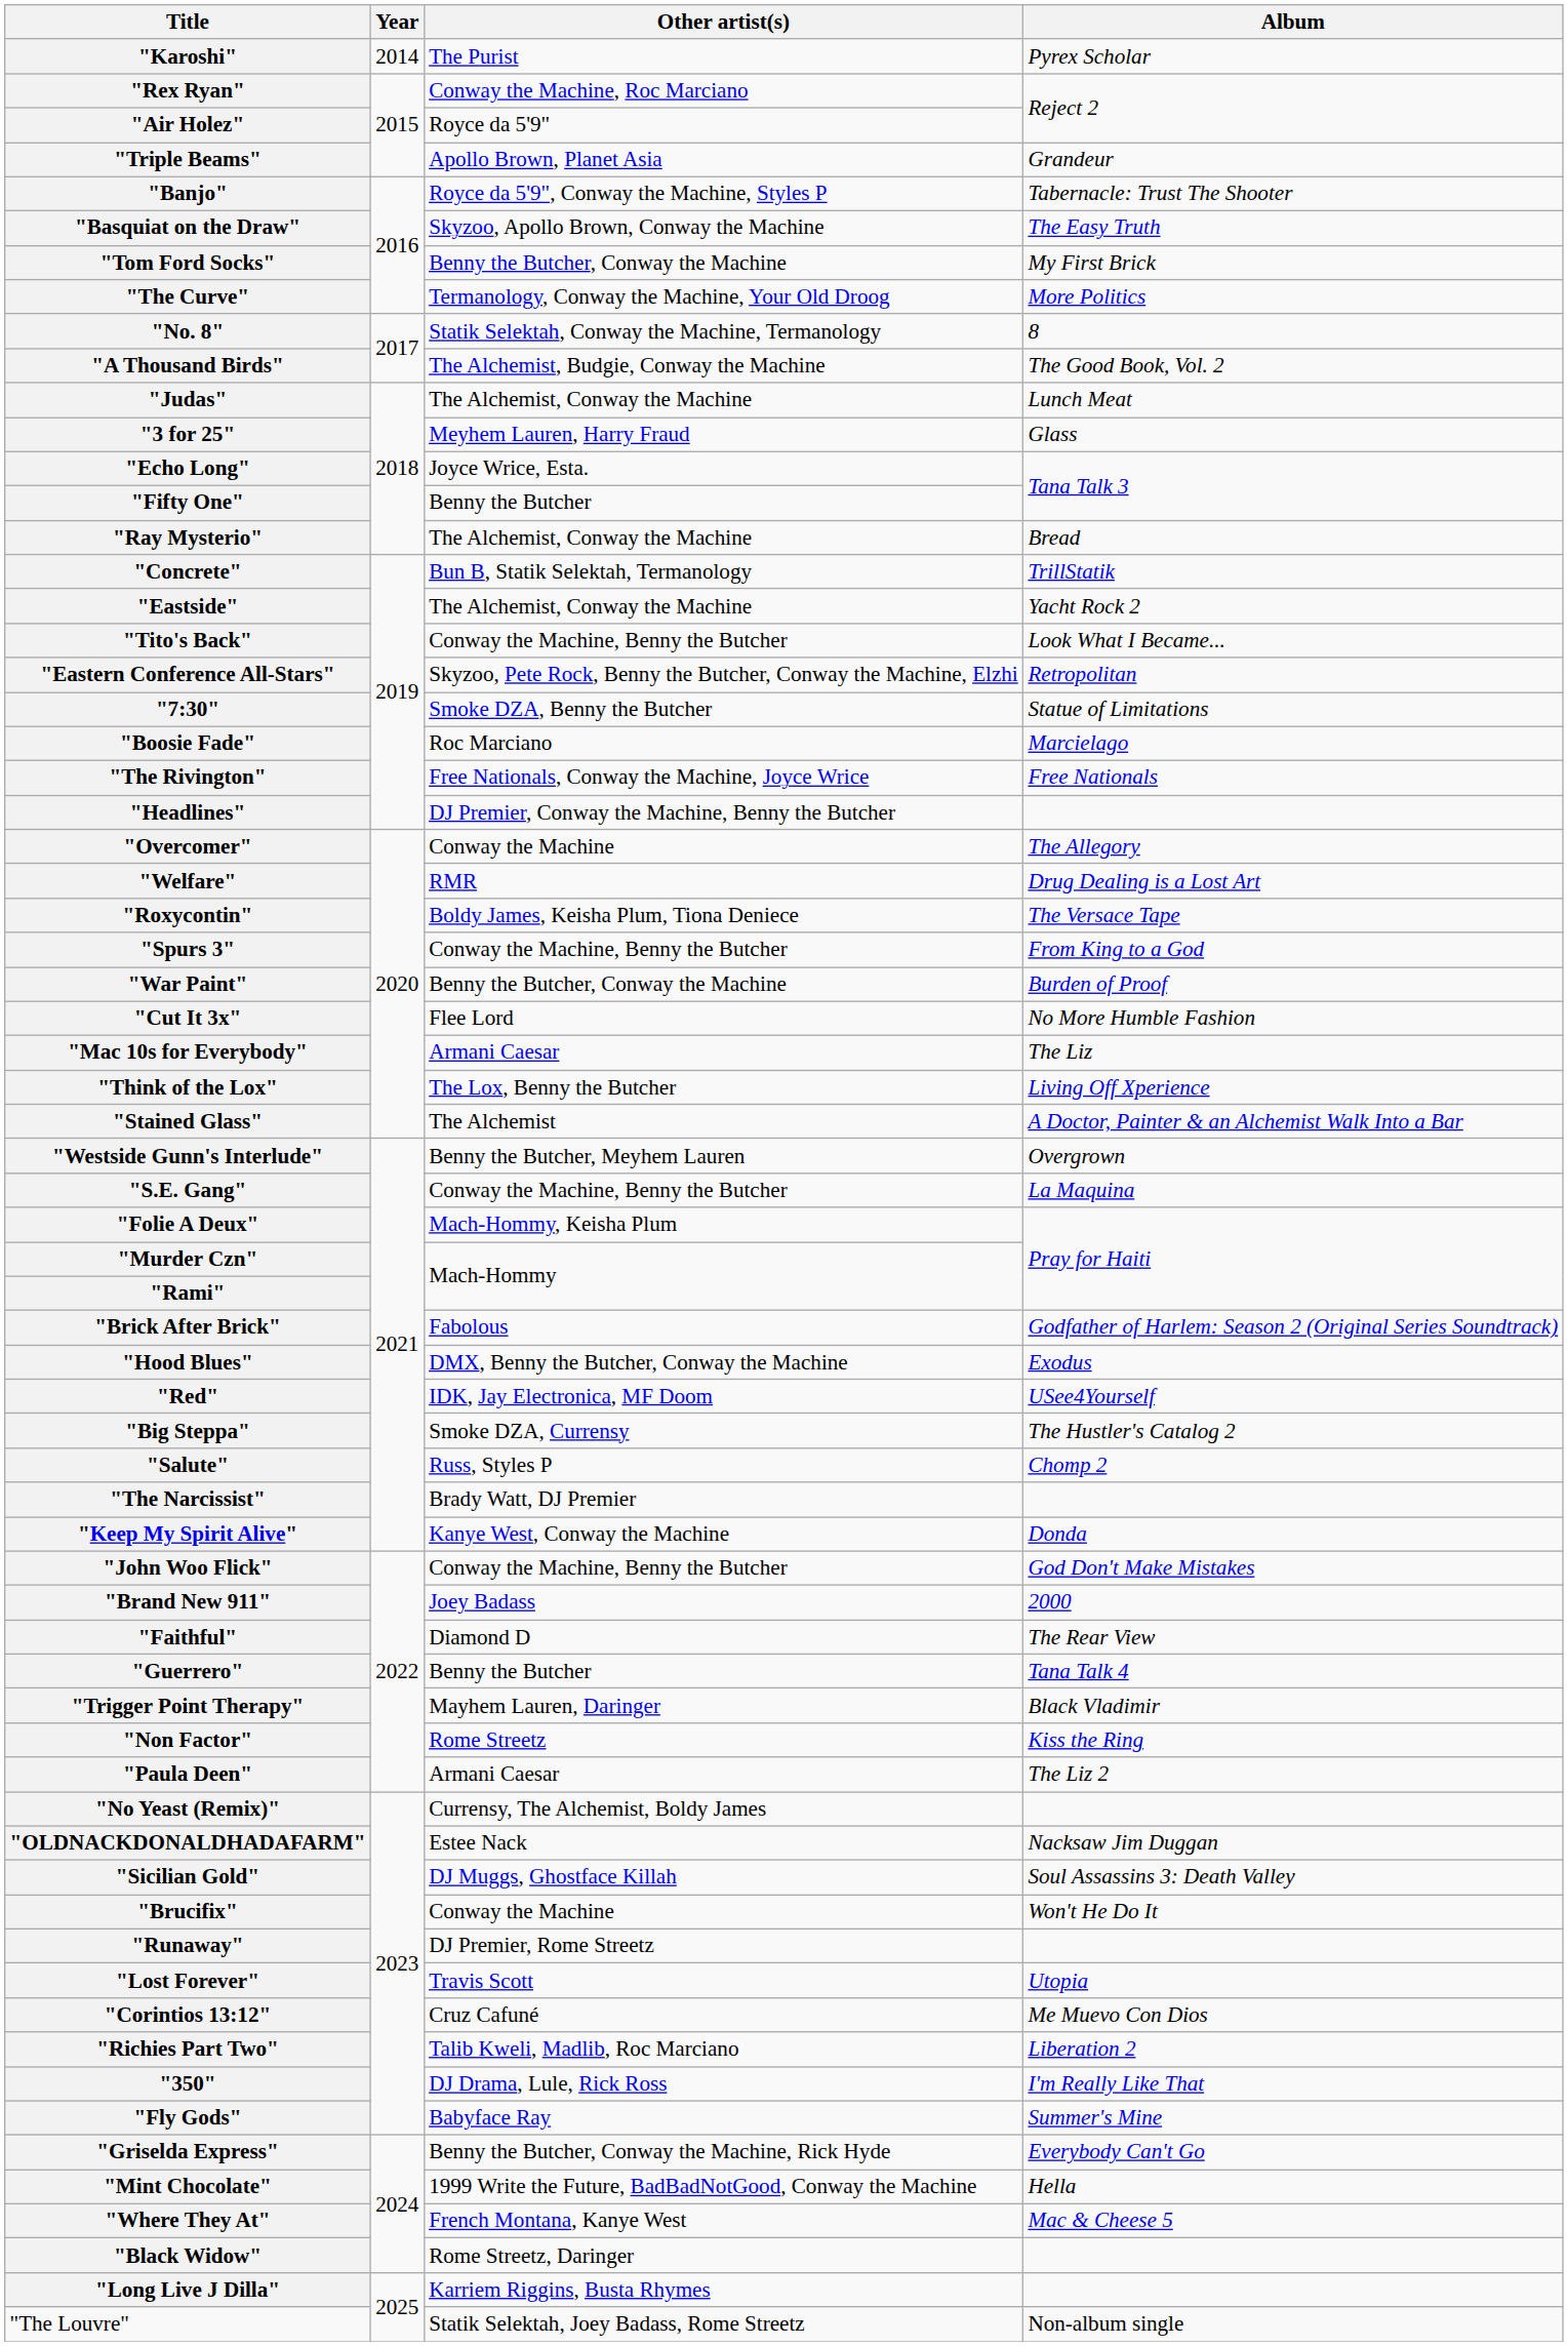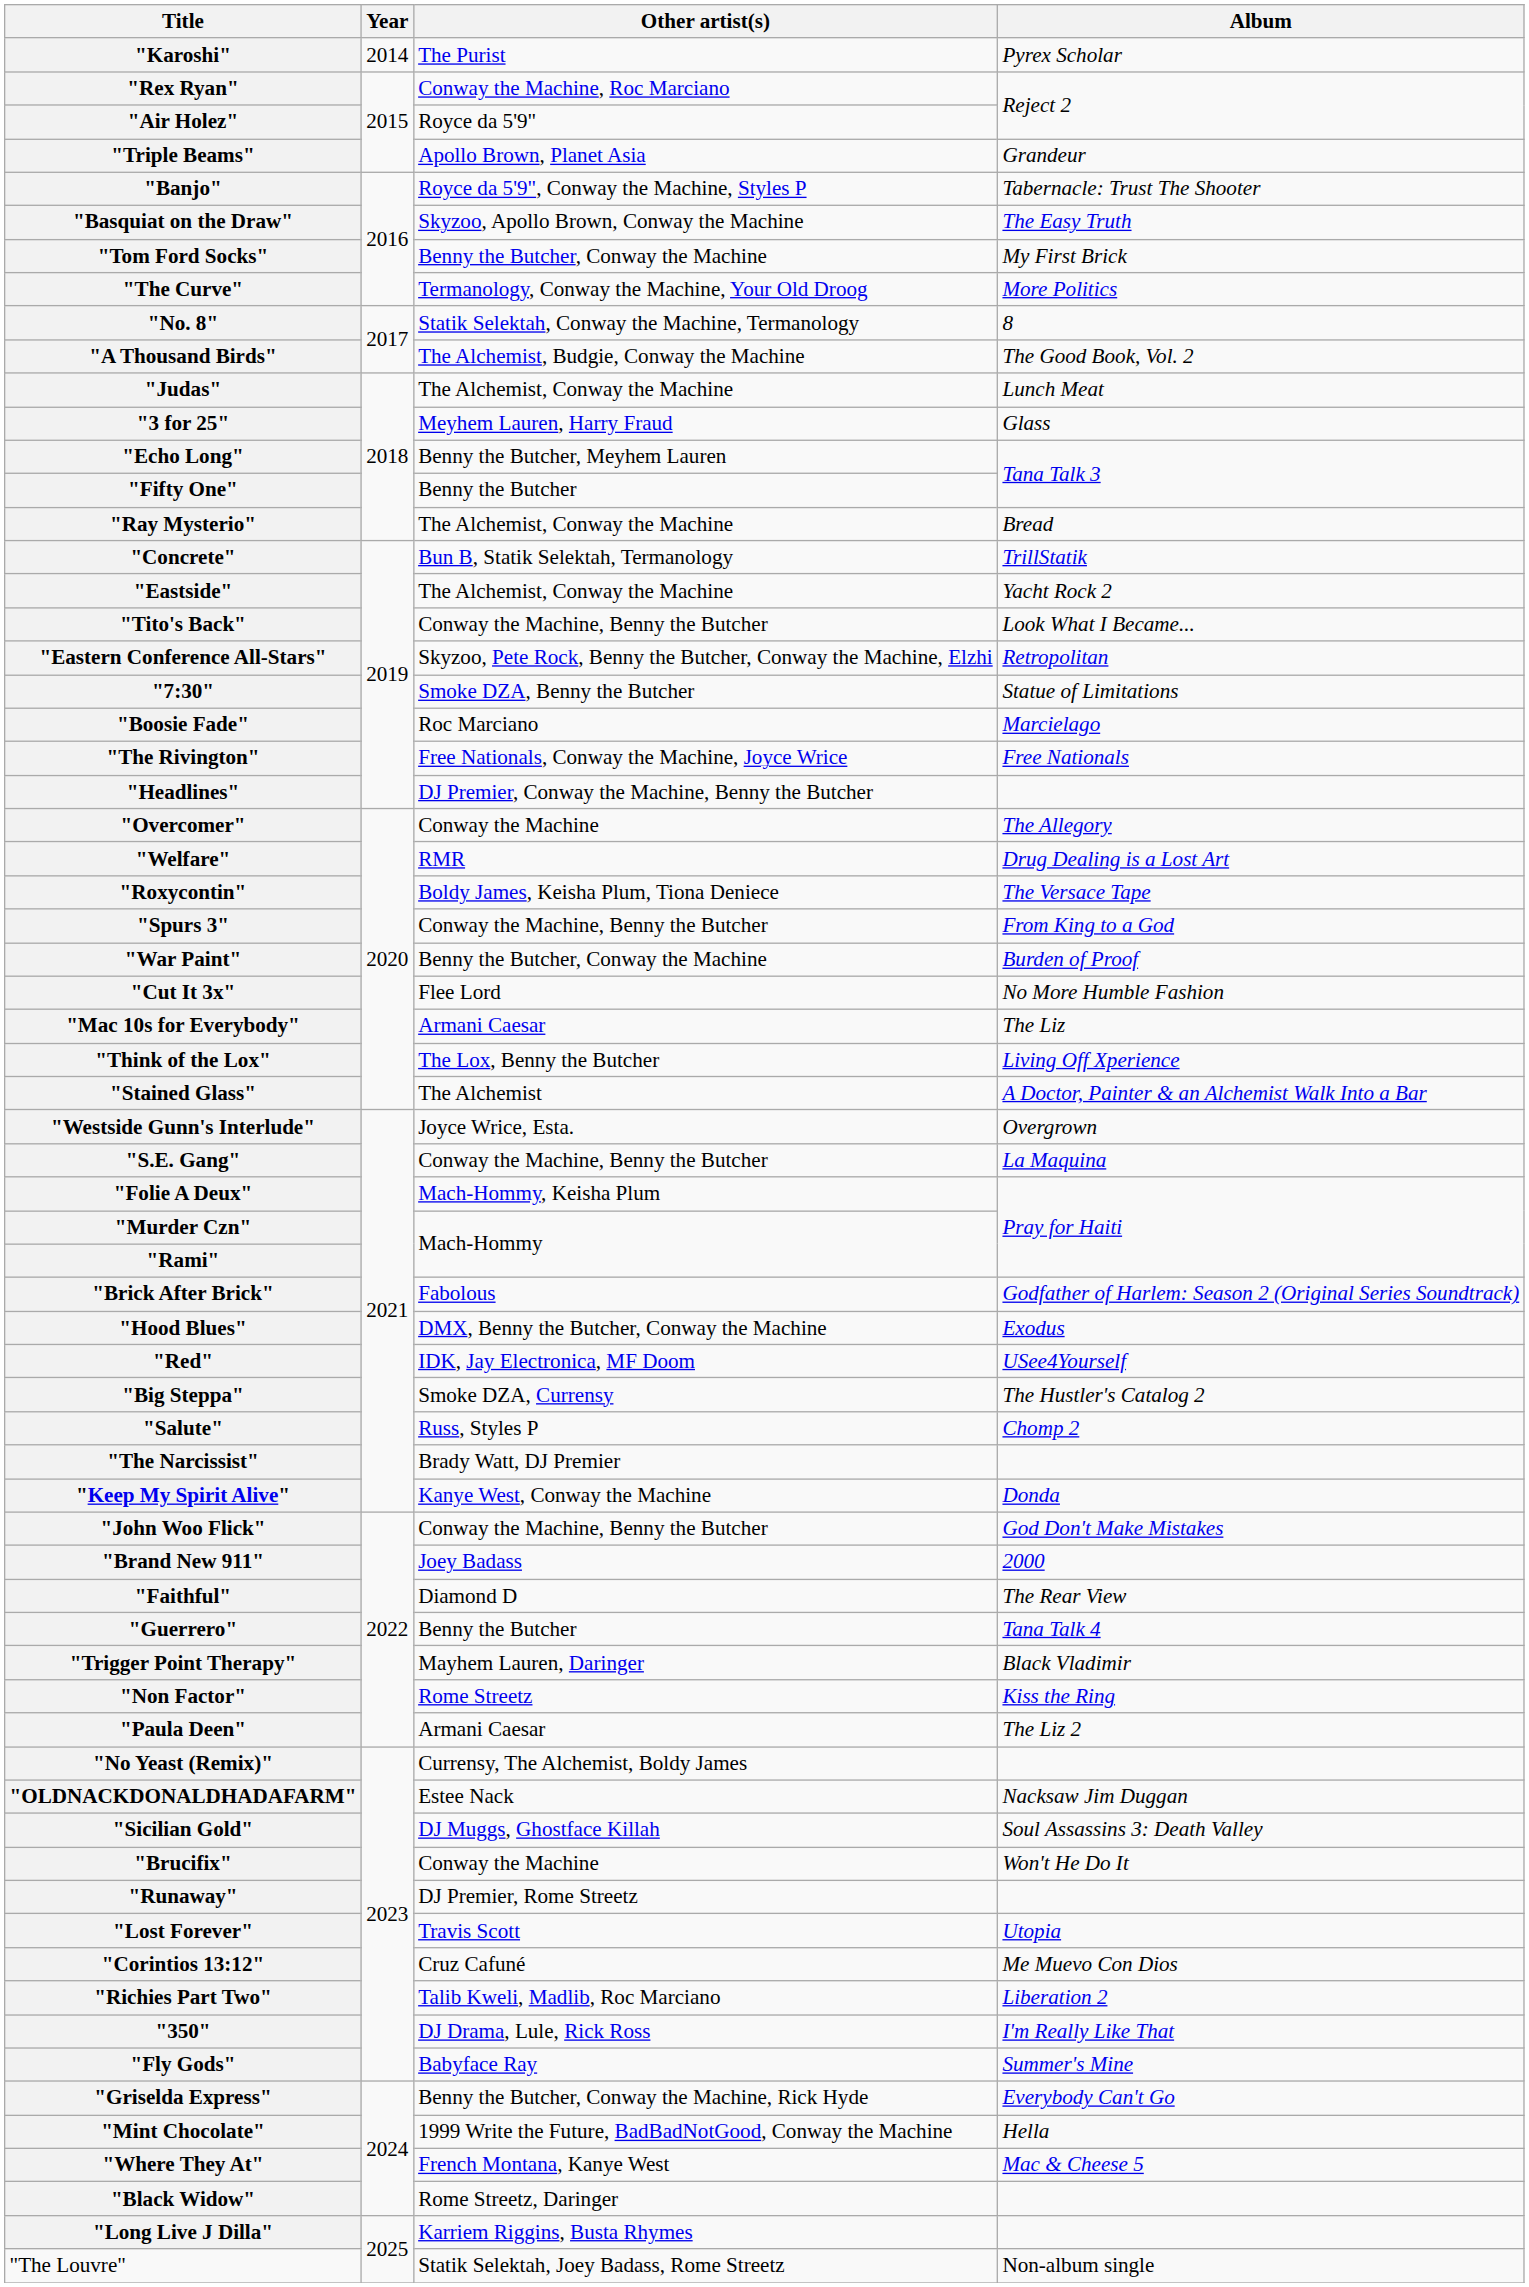 <table class="wikitable plainrowheaders">
 <tr>
 <th>Title</th>
 <th>Year</th>
 <th>Other artist(s)</th>
 <th>Album</th>
 </tr>
 <tr>
 <th scope=row>"Karoshi"</th>
 <td>2014</td>
 <td><a href='#'>The Purist</a></td>
 <td><em>Pyrex Scholar</em></td>
 </tr>
 <tr>
 <th scope=row>"Rex Ryan"</th>
 <td rowspan="3">2015</td>
 <td><a href='#'>Conway the Machine</a>, <a href='#'>Roc Marciano</a></td>
 <td rowspan="2"><em>Reject 2</em></td>
 </tr>
 <tr>
 <th scope=row>"Air Holez"</th>
 <td>Royce da 5'9"</td>
 </tr>
 <tr>
 <th scope=row>"Triple Beams"</th>
 <td><a href='#'>Apollo Brown</a>, <a href='#'>Planet Asia</a></td>
 <td><em>Grandeur</em></td>
 </tr>
 <tr>
 <th scope=row>"Banjo"</th>
 <td rowspan="4">2016</td>
 <td><a href='#'>Royce da 5'9"</a>, Conway the Machine, <a href='#'>Styles P</a></td>
 <td><em>Tabernacle: Trust The Shooter</em></td>
 </tr>
 <tr>
 <th scope=row>"Basquiat on the Draw"</th>
 <td><a href='#'>Skyzoo</a>, Apollo Brown, Conway the Machine</td>
 <td><em><a href='#'>The Easy Truth</a></em></td>
 </tr>
 <tr>
 <th scope=row>"Tom Ford Socks"</th>
 <td><a href='#'>Benny the Butcher</a>, Conway the Machine</td>
 <td><em>My First Brick</em></td>
 </tr>
 <tr>
 <th scope=row>"The Curve"</th>
 <td><a href='#'>Termanology</a>, Conway the Machine, <a href='#'>Your Old Droog</a></td>
 <td><em><a href='#'>More Politics</a></em></td>
 </tr>
 <tr>
 <th scope=row>"No. 8"</th>
 <td rowspan="2">2017</td>
 <td><a href='#'>Statik Selektah</a>, Conway the Machine, Termanology</td>
 <td><em>8</em></td>
 </tr>
 <tr>
 <th scope=row>"A Thousand Birds"</th>
 <td><a href='#'>The Alchemist</a>, Budgie, Conway the Machine</td>
 <td><em>The Good Book, Vol. 2</em></td>
 </tr>
 <tr>
 <th scope=row>"Judas"</th>
 <td rowspan="5">2018</td>
 <td>The Alchemist, Conway the Machine</td>
 <td><em>Lunch Meat</em></td>
 </tr>
 <tr>
 <th scope=row>"3 for 25"</th>
 <td><a href='#'>Meyhem Lauren</a>, <a href='#'>Harry Fraud</a></td>
 <td><em>Glass</em></td>
 </tr>
 <tr>
 <th scope=row>"Echo Long"</th>
-<td>Joyce Wrice, Esta.</td>
+<td>Benny the Butcher, Meyhem Lauren</td>
 <td rowspan="2"><em><a href='#'>Tana Talk 3</a></em></td>
 </tr>
 <tr>
 <th scope=row>"Fifty One"</th>
 <td>Benny the Butcher</td>
 </tr>
 <tr>
 <th scope=row>"Ray Mysterio"</th>
 <td>The Alchemist, Conway the Machine</td>
 <td><em>Bread</em></td>
 </tr>
 <tr>
 <th scope=row>"Concrete"</th>
 <td rowspan="8">2019</td>
 <td><a href='#'>Bun B</a>, Statik Selektah, Termanology</td>
 <td><em><a href='#'>TrillStatik</a></em></td>
 </tr>
 <tr>
 <th scope=row>"Eastside"</th>
 <td>The Alchemist, Conway the Machine</td>
 <td><em>Yacht Rock 2</em></td>
 </tr>
 <tr>
 <th scope=row>"Tito's Back"</th>
 <td>Conway the Machine, Benny the Butcher</td>
 <td><em>Look What I Became...</em></td>
 </tr>
 <tr>
 <th scope=row>"Eastern Conference All-Stars"</th>
 <td>Skyzoo, <a href='#'>Pete Rock</a>, Benny the Butcher, Conway the Machine, <a href='#'>Elzhi</a></td>
 <td><em><a href='#'>Retropolitan</a></em></td>
 </tr>
 <tr>
 <th scope=row>"7:30"</th>
 <td><a href='#'>Smoke DZA</a>, Benny the Butcher</td>
 <td><em>Statue of Limitations</em></td>
 </tr>
 <tr>
 <th scope=row>"Boosie Fade"</th>
 <td>Roc Marciano</td>
 <td><em><a href='#'>Marcielago</a></em></td>
 </tr>
 <tr>
 <th scope=row>"The Rivington"</th>
 <td><a href='#'>Free Nationals</a>, Conway the Machine, <a href='#'>Joyce Wrice</a></td>
 <td><em><a href='#'>Free Nationals</a></em></td>
 </tr>
 <tr>
 <th scope=row>"Headlines"</th>
 <td><a href='#'>DJ Premier</a>, Conway the Machine, Benny the Butcher</td>
 <td></td>
 </tr>
 <tr>
 <th scope=row>"Overcomer"</th>
 <td rowspan="9">2020</td>
 <td>Conway the Machine</td>
 <td><em><a href='#'>The Allegory</a></em></td>
 </tr>
 <tr>
 <th scope=row>"Welfare"</th>
 <td><a href='#'>RMR</a></td>
 <td><em><a href='#'>Drug Dealing is a Lost Art</a></em></td>
 </tr>
 <tr>
 <th scope=row>"Roxycontin"</th>
 <td><a href='#'>Boldy James</a>, Keisha Plum, Tiona Deniece</td>
 <td><em><a href='#'>The Versace Tape</a></em></td>
 </tr>
 <tr>
 <th scope=row>"Spurs 3"</th>
 <td>Conway the Machine, Benny the Butcher</td>
 <td><em><a href='#'>From King to a God</a></em></td>
 </tr>
 <tr>
 <th scope=row>"War Paint"</th>
 <td>Benny the Butcher, Conway the Machine</td>
 <td><em><a href='#'>Burden of Proof</a></em></td>
 </tr>
 <tr>
 <th scope=row>"Cut It 3x"</th>
 <td>Flee Lord</td>
 <td><em>No More Humble Fashion</em></td>
 </tr>
 <tr>
 <th scope=row>"Mac 10s for Everybody"</th>
 <td><a href='#'>Armani Caesar</a></td>
 <td><em>The Liz</em></td>
 </tr>
 <tr>
 <th scope=row>"Think of the Lox"</th>
 <td><a href='#'>The Lox</a>, Benny the Butcher</td>
 <td><em><a href='#'>Living Off Xperience</a></em></td>
 </tr>
 <tr>
 <th scope=row>"Stained Glass"</th>
 <td>The Alchemist</td>
 <td><em><a href='#'>A Doctor, Painter & an Alchemist Walk Into a Bar</a></em></td>
 </tr>
 <tr>
 <th scope=row>"Westside Gunn's Interlude"</th>
 <td rowspan="12">2021</td>
-<td>Benny the Butcher, Meyhem Lauren</td>
+<td>Joyce Wrice, Esta.</td>
 <td><em>Overgrown</em></td>
 </tr>
 <tr>
 <th scope=row>"S.E. Gang"</th>
 <td>Conway the Machine, Benny the Butcher</td>
 <td><em><a href='#'>La Maquina</a></em></td>
 </tr>
 <tr>
 <th scope=row>"Folie A Deux"</th>
 <td><a href='#'>Mach-Hommy</a>, Keisha Plum</td>
 <td rowspan="3"><em><a href='#'>Pray for Haiti</a></em></td>
 </tr>
 <tr>
 <th scope=row>"Murder Czn"</th>
 <td rowspan="2">Mach-Hommy</td>
 </tr>
 <tr>
 <th scope=row>"Rami"</th>
 </tr>
 <tr>
 <th scope=row>"Brick After Brick"</th>
 <td><a href='#'>Fabolous</a></td>
 <td><em><a href='#'>Godfather of Harlem: Season 2 (Original Series Soundtrack)</a></em></td>
 </tr>
 <tr>
 <th scope=row>"Hood Blues"</th>
 <td><a href='#'>DMX</a>, Benny the Butcher, Conway the Machine</td>
 <td><em><a href='#'>Exodus</a></em></td>
 </tr>
 <tr>
 <th scope=row>"Red"</th>
 <td><a href='#'>IDK</a>, <a href='#'>Jay Electronica</a>, <a href='#'>MF Doom</a></td>
 <td><em><a href='#'>USee4Yourself</a></em></td>
 </tr>
 <tr>
 <th scope=row>"Big Steppa"</th>
 <td>Smoke DZA, <a href='#'>Currensy</a></td>
 <td><em>The Hustler's Catalog 2</em></td>
 </tr>
 <tr>
 <th scope=row>"Salute"</th>
 <td><a href='#'>Russ</a>, Styles P</td>
 <td><em><a href='#'>Chomp 2</a></em></td>
 </tr>
 <tr>
 <th scope=row>"The Narcissist"</th>
 <td>Brady Watt, DJ Premier</td>
 <td></td>
 </tr>
 <tr>
 <th scope=row>"<a href='#'>Keep My Spirit Alive</a>"</th>
 <td><a href='#'>Kanye West</a>, Conway the Machine</td>
 <td><em><a href='#'>Donda</a></em></td>
 </tr>
 <tr>
 <th scope=row>"John Woo Flick"</th>
 <td rowspan="7">2022</td>
 <td>Conway the Machine, Benny the Butcher</td>
 <td><em><a href='#'>God Don't Make Mistakes</a></em></td>
 </tr>
 <tr>
 <th scope=row>"Brand New 911"</th>
 <td><a href='#'>Joey Badass</a></td>
 <td><em><a href='#'>2000</a></em></td>
 </tr>
 <tr>
 <th scope=row>"Faithful"</th>
 <td>Diamond D</td>
 <td><em>The Rear View</em></td>
 </tr>
 <tr>
 <th scope=row>"Guerrero"</th>
 <td>Benny the Butcher</td>
 <td><em><a href='#'>Tana Talk 4</a></em></td>
 </tr>
 <tr>
 <th scope=row>"Trigger Point Therapy"</th>
 <td>Mayhem Lauren, <a href='#'>Daringer</a></td>
 <td><em>Black Vladimir</em></td>
 </tr>
 <tr>
 <th scope=row>"Non Factor"</th>
 <td><a href='#'>Rome Streetz</a></td>
 <td><em><a href='#'>Kiss the Ring</a></em></td>
 </tr>
 <tr>
 <th scope=row>"Paula Deen"</th>
 <td>Armani Caesar</td>
 <td><em>The Liz 2</em></td>
 </tr>
 <tr>
 <th scope=row>"No Yeast (Remix)"</th>
 <td rowspan="10">2023</td>
 <td>Currensy, The Alchemist, Boldy James</td>
 <td></td>
 </tr>
 <tr>
 <th scope=row>"OLDNACKDONALDHADAFARM"</th>
 <td>Estee Nack</td>
 <td><em>Nacksaw Jim Duggan</em></td>
 </tr>
 <tr>
 <th scope=row>"Sicilian Gold"</th>
 <td><a href='#'>DJ Muggs</a>, <a href='#'>Ghostface Killah</a></td>
 <td><em>Soul Assassins 3: Death Valley</em></td>
 </tr>
 <tr>
 <th scope=row>"Brucifix"</th>
 <td>Conway the Machine</td>
 <td><em>Won't He Do It</em></td>
 </tr>
 <tr>
 <th scope=row>"Runaway"</th>
 <td>DJ Premier, Rome Streetz</td>
 <td></td>
 </tr>
 <tr>
 <th scope=row>"Lost Forever"</th>
 <td><a href='#'>Travis Scott</a></td>
 <td><em><a href='#'>Utopia</a></em></td>
 </tr>
 <tr>
 <th scope=row>"Corintios 13:12"</th>
 <td>Cruz Cafuné</td>
 <td><em>Me Muevo Con Dios</em></td>
 </tr>
 <tr>
 <th scope=row>"Richies Part Two"</th>
 <td><a href='#'>Talib Kweli</a>, <a href='#'>Madlib</a>, Roc Marciano</td>
 <td><em><a href='#'>Liberation 2</a></em></td>
 </tr>
 <tr>
 <th scope=row>"350"</th>
 <td><a href='#'>DJ Drama</a>, Lule, <a href='#'>Rick Ross</a></td>
 <td><em><a href='#'>I'm Really Like That</a></em></td>
 </tr>
 <tr>
 <th scope=row>"Fly Gods"</th>
 <td><a href='#'>Babyface Ray</a></td>
 <td><em><a href='#'>Summer's Mine</a></em></td>
 </tr>
 <tr>
 <th scope=row>"Griselda Express"</th>
 <td rowspan="4">2024</td>
 <td>Benny the Butcher, Conway the Machine, Rick Hyde</td>
 <td><em><a href='#'>Everybody Can't Go</a></em></td>
 </tr>
 <tr>
 <th scope=row>"Mint Chocolate"</th>
 <td>1999 Write the Future, <a href='#'>BadBadNotGood</a>, Conway the Machine</td>
 <td><em>Hella</em></td>
 </tr>
 <tr>
 <th scope=row>"Where They At"</th>
 <td><a href='#'>French Montana</a>, Kanye West</td>
 <td><em><a href='#'>Mac & Cheese 5</a></em></td>
 </tr>
 <tr>
 <th scope=row>"Black Widow"</th>
 <td>Rome Streetz, Daringer</td>
 <td></td>
 </tr>
 <tr>
 <th scope=row>"Long Live J Dilla"</th>
 <td rowspan="2">2025</td>
 <td><a href='#'>Karriem Riggins</a>, <a href='#'>Busta Rhymes</a></td>
 <td></td>
 </tr>
 <tr>
 <td>"The Louvre"</td>
 <td>Statik Selektah, Joey Badass, Rome Streetz</td>
 <td>Non-album single</td>
 </tr>
 </table>
